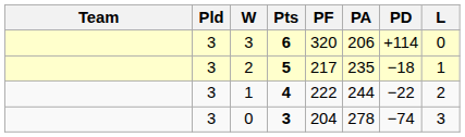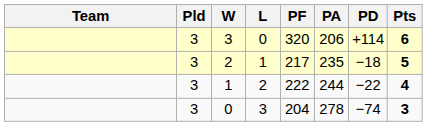 <table class=wikitable style="text-align:center">
 <tr>
 <th width=180>Team</th>
 <th width=30>Pld</th>
 <th width=30>W</th>
-<th width=30>Pts</th>
+<th width=30>L</th>
 <th width=30>PF</th>
 <th width=30>PA</th>
 <th width=30>PD</th>
-<th width=30>L</th>
+<th width=30>Pts</th>
 </tr>
 <tr align=center bgcolor="#ffffcc">
 <td align="left"></td>
 <td>3</td>
 <td>3</td>
-<td><strong>6</strong></td>
+<td>0</td>
 <td>320</td>
 <td>206</td>
 <td>+114</td>
-<td>0</td>
+<td><strong>6</strong></td>
 </tr>
 <tr align=center bgcolor="#ffffcc">
 <td align="left"></td>
 <td>3</td>
 <td>2</td>
-<td><strong>5</strong></td>
+<td>1</td>
 <td>217</td>
 <td>235</td>
 <td>−18</td>
-<td>1</td>
+<td><strong>5</strong></td>
 </tr>
 <tr>
 <td align="left"></td>
 <td>3</td>
 <td>1</td>
-<td><strong>4</strong></td>
+<td>2</td>
 <td>222</td>
 <td>244</td>
 <td>−22</td>
-<td>2</td>
+<td><strong>4</strong></td>
 </tr>
 <tr>
 <td align="left"></td>
 <td>3</td>
 <td>0</td>
-<td><strong>3</strong></td>
+<td>3</td>
 <td>204</td>
 <td>278</td>
 <td>−74</td>
-<td>3</td>
+<td><strong>3</strong></td>
 </tr>
 </table>
